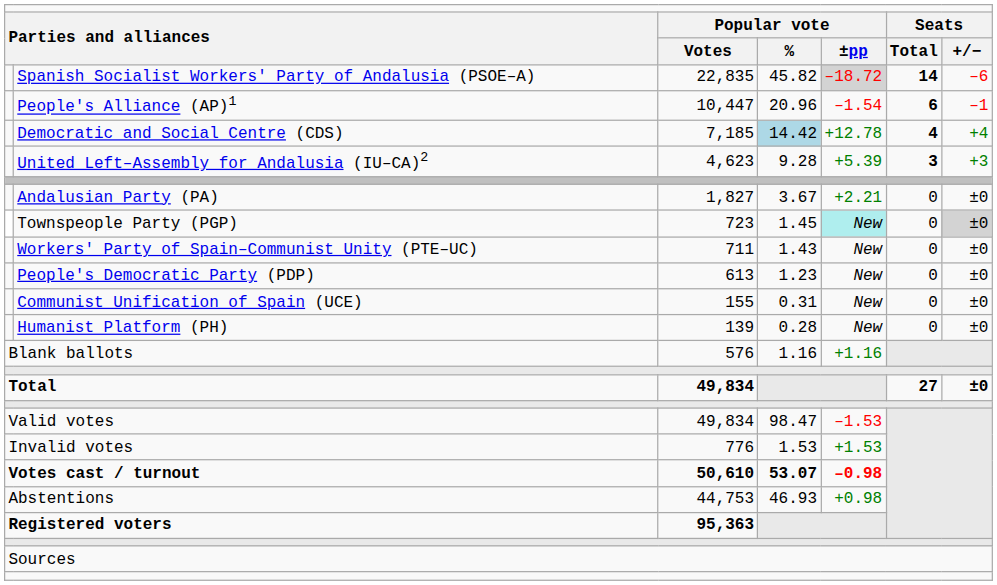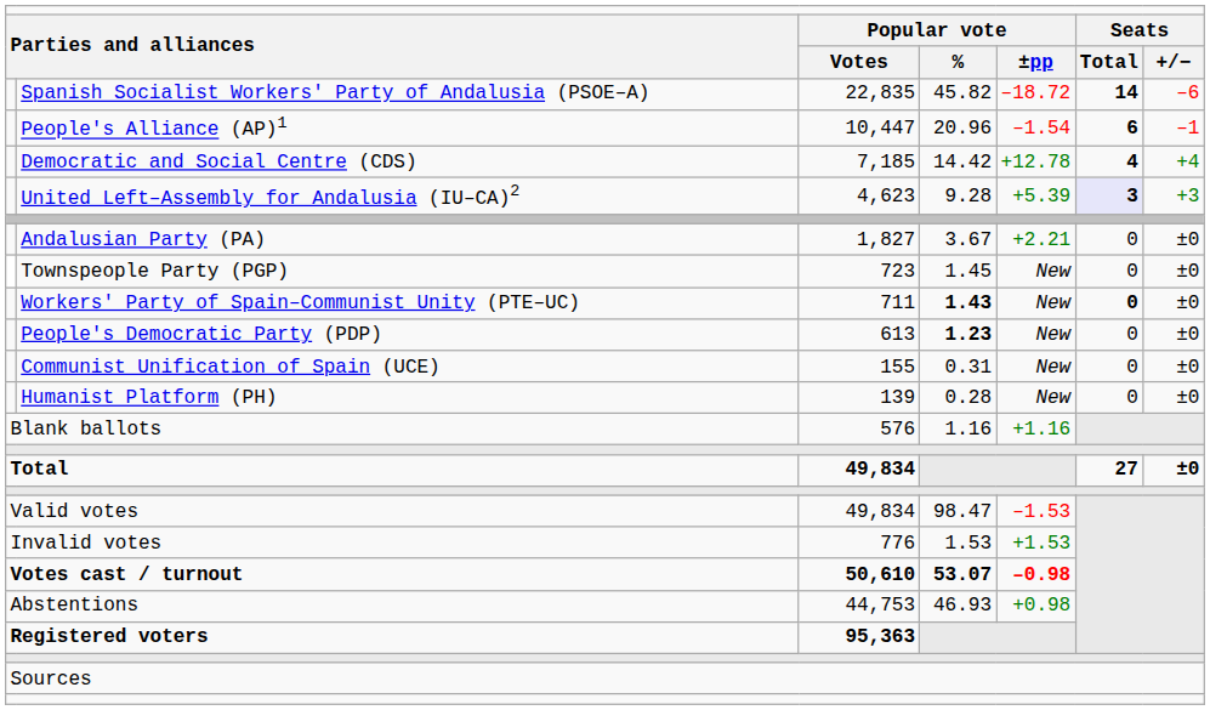 <table class="wikitable" style="text-align:right;">
 <tr>
 <td colspan="7"></td>
 </tr>
 <tr>
 <th style="text-align:left;" rowspan="2" colspan="2" width="525">Parties and alliances</th>
 <th colspan="3">Popular vote</th>
 <th colspan="2">Seats</th>
 </tr>
 <tr>
 <th width="75">Votes</th>
 <th width="45">%</th>
 <th width="45">±<a href='#'>pp</a></th>
 <th width="35">Total</th>
 <th width="35">+/−</th>
 </tr>
 <tr>
 <td width="1" style="color:inherit;background:"></td>
 <td align="left"><a href='#'>Spanish Socialist Workers' Party of Andalusia</a> (PSOE–A)</td>
 <td>22,835</td>
 <td>45.82</td>
-<td style="background: lightgrey; color:red;">–18.72</td>
+<td style="color:red;">–18.72</td>
 <td><strong>14</strong></td>
 <td style="color:red;">–6</td>
 </tr>
 <tr>
 <td style="color:inherit;background:"></td>
 <td align="left"><a href='#'>People's Alliance</a> (AP)<sup>1</sup></td>
 <td>10,447</td>
 <td>20.96</td>
 <td style="color:red;">–1.54</td>
 <td><strong>6</strong></td>
 <td style="color:red;">–1</td>
 </tr>
 <tr>
 <td style="color:inherit;background:"></td>
 <td align="left"><a href='#'>Democratic and Social Centre</a> (CDS)</td>
 <td>7,185</td>
-<td style="background: lightblue;">14.42</td>
+<td>14.42</td>
 <td style="color:green;">+12.78</td>
 <td><strong>4</strong></td>
 <td style="color:green;">+4</td>
 </tr>
 <tr>
 <td style="color:inherit;background:"></td>
 <td align="left"><a href='#'>United Left–Assembly for Andalusia</a> (IU–CA)<sup>2</sup></td>
 <td>4,623</td>
 <td>9.28</td>
 <td style="color:green;">+5.39</td>
-<td><strong>3</strong></td>
+<td style="background: lavender;"><strong>3</strong></td>
 <td style="color:green;">+3</td>
 </tr>
 <tr>
 <td colspan="7" bgcolor="#C0C0C0"></td>
 </tr>
 <tr>
 <td style="color:inherit;background:"></td>
 <td align="left"><a href='#'>Andalusian Party</a> (PA)</td>
 <td>1,827</td>
 <td>3.67</td>
 <td style="color:green;">+2.21</td>
 <td>0</td>
 <td>±0</td>
 </tr>
 <tr>
 <td bgcolor="white"></td>
 <td align="left">Townspeople Party (PGP)</td>
 <td>723</td>
 <td>1.45</td>
-<td style="background: paleturquoise;"><em>New</em></td>
-<td>0</td>
-<td style="background: lightgrey;">±0</td>
-</tr>
-<tr>
-<td style="color:inherit;background:"></td>
-<td align="left"><a href='#'>Workers' Party of Spain–Communist Unity</a> (PTE–UC)</td>
-<td>711</td>
-<td>1.43</td>
 <td><em>New</em></td>
 <td>0</td>
 <td>±0</td>
 </tr>
 <tr>
 <td style="color:inherit;background:"></td>
+<td align="left"><a href='#'>Workers' Party of Spain–Communist Unity</a> (PTE–UC)</td>
+<td>711</td>
+<td><strong>1.43</strong></td>
+<td><em>New</em></td>
+<td><strong>0</strong></td>
+<td>±0</td>
+</tr>
+<tr>
+<td style="color:inherit;background:"></td>
 <td align="left"><a href='#'>People's Democratic Party</a> (PDP)</td>
 <td>613</td>
-<td>1.23</td>
+<td><strong>1.23</strong></td>
 <td><em>New</em></td>
 <td>0</td>
 <td>±0</td>
 </tr>
 <tr>
 <td style="color:inherit;background:"></td>
 <td align="left"><a href='#'>Communist Unification of Spain</a> (UCE)</td>
 <td>155</td>
 <td>0.31</td>
 <td><em>New</em></td>
 <td>0</td>
 <td>±0</td>
 </tr>
 <tr>
 <td style="color:inherit;background:"></td>
 <td align="left"><a href='#'>Humanist Platform</a> (PH)</td>
 <td>139</td>
 <td>0.28</td>
 <td><em>New</em></td>
 <td>0</td>
 <td>±0</td>
 </tr>
 <tr>
 <td align="left" colspan="2">Blank ballots</td>
 <td>576</td>
 <td>1.16</td>
 <td style="color:green;">+1.16</td>
 <td bgcolor="#E9E9E9" colspan="2"></td>
 </tr>
 <tr>
 <td colspan="7" bgcolor="#E9E9E9"></td>
 </tr>
 <tr style="font-weight:bold;">
 <td align="left" colspan="2">Total</td>
 <td>49,834</td>
 <td bgcolor="#E9E9E9" colspan="2"></td>
 <td>27</td>
 <td>±0</td>
 </tr>
 <tr>
 <td colspan="7" bgcolor="#E9E9E9"></td>
 </tr>
 <tr>
 <td align="left" colspan="2">Valid votes</td>
 <td>49,834</td>
 <td>98.47</td>
 <td style="color:red;">–1.53</td>
 <td bgcolor="#E9E9E9" colspan="2" rowspan="5"></td>
 </tr>
 <tr>
 <td align="left" colspan="2">Invalid votes</td>
 <td>776</td>
 <td>1.53</td>
 <td style="color:green;">+1.53</td>
 </tr>
 <tr style="font-weight:bold;">
 <td align="left" colspan="2">Votes cast / turnout</td>
 <td>50,610</td>
 <td>53.07</td>
 <td style="color:red;">–0.98</td>
 </tr>
 <tr>
 <td align="left" colspan="2">Abstentions</td>
 <td>44,753</td>
 <td>46.93</td>
 <td style="color:green;">+0.98</td>
 </tr>
 <tr style="font-weight:bold;">
 <td align="left" colspan="2">Registered voters</td>
 <td>95,363</td>
 <td bgcolor="#E9E9E9" colspan="2"></td>
 </tr>
 <tr>
 <td colspan="7" bgcolor="#E9E9E9"></td>
 </tr>
 <tr>
 <td align="left" colspan="7">Sources</td>
 </tr>
 <tr>
 <td colspan="7" style="text-align:left; max-width:790px;"></td>
 </tr>
 </table>
